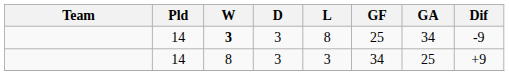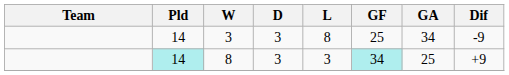 <table class="wikitable sortable" width=65% style="text-align:center">
 <tr>
 <th width=15%>Team</th>
 <th width=5%>Pld</th>
 <th width=5%>W</th>
 <th width=5%>D</th>
 <th width=5%>L</th>
 <th width=5%>GF</th>
 <th width=5%>GA</th>
 <th width=5%>Dif</th>
 </tr>
 <tr>
 <td style="text-align:left;"></td>
 <td>14</td>
-<td><strong>3</strong></td>
+<td>3</td>
 <td>3</td>
 <td>8</td>
 <td>25</td>
 <td>34</td>
 <td>-9</td>
 </tr>
 <tr>
 <td style="text-align:left;"></td>
-<td>14</td>
+<td style="background: paleturquoise;">14</td>
 <td>8</td>
 <td>3</td>
 <td>3</td>
-<td>34</td>
+<td style="background: paleturquoise;">34</td>
 <td>25</td>
 <td>+9</td>
 </tr>
 <tr>
 </tr>
 </table>
